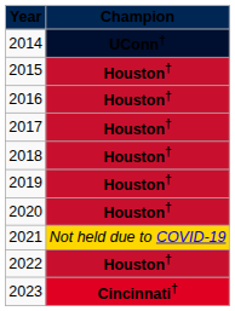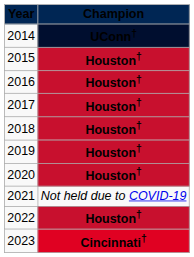 <table class="wikitable" style="text-align: center;">
 <tr>
 <th style="background:#002654;"><span>Year</span></th>
 <th style="background:#002654;"><span>Champion</span></th>
 </tr>
 <tr>
 <td>2014</td>
 <td style="background:#000e2f;"><span><strong>UConn<sup>†</sup></strong></span></td>
 </tr>
 <tr>
 <td>2015</td>
 <td style="background:#c8102e;"><span><strong>Houston<sup>†</sup></strong></span></td>
 </tr>
 <tr>
 <td>2016</td>
 <td style="background:#c8102e;"><span><strong>Houston<sup>†</sup></strong></span></td>
 </tr>
 <tr>
 <td>2017</td>
 <td style="background:#c8102e;"><span><strong>Houston<sup>†</sup></strong></span></td>
 </tr>
 <tr>
 <td>2018</td>
 <td style="background:#c8102e;"><span><strong>Houston<sup>†</sup></strong></span></td>
 </tr>
 <tr>
 <td>2019</td>
 <td style="background:#c8102e;"><span><strong>Houston<sup>†</sup></strong></span></td>
 </tr>
 <tr>
 <td>2020</td>
 <td style="background:#c8102e;"><span><strong>Houston<sup>†</sup></strong></span></td>
 </tr>
 <tr>
 <td>2021</td>
-<td style="background: gold;"><em>Not held due to <a href='#'>COVID-19</a></em></td>
+<td><em>Not held due to <a href='#'>COVID-19</a></em></td>
 </tr>
 <tr>
 <td>2022</td>
 <td style="background:#c8102e;"><span><strong>Houston<sup>†</sup></strong></span></td>
 </tr>
 <tr>
 <td>2023</td>
 <td style="background:#e00122;"><span><strong>Cincinnati<sup>†</sup></strong></span></td>
 </tr>
 </table>
